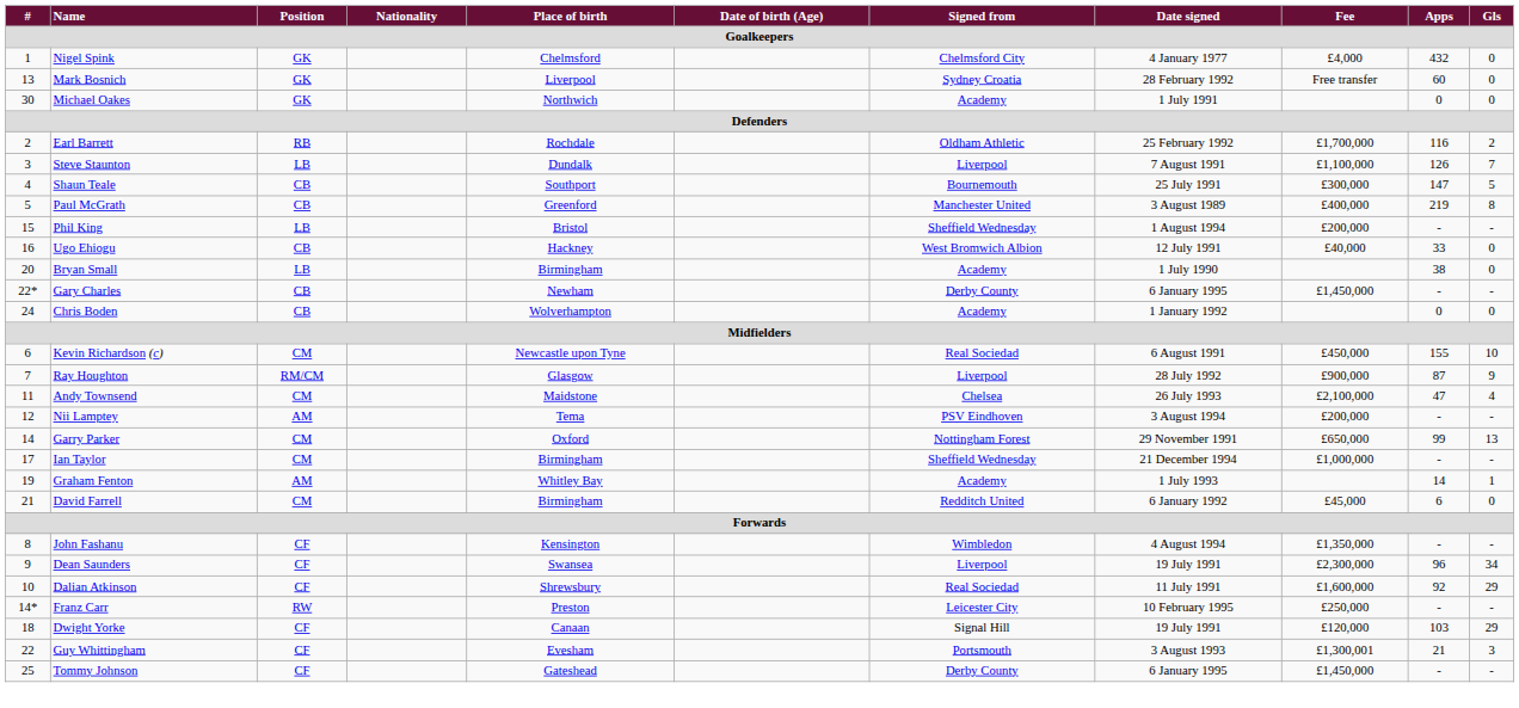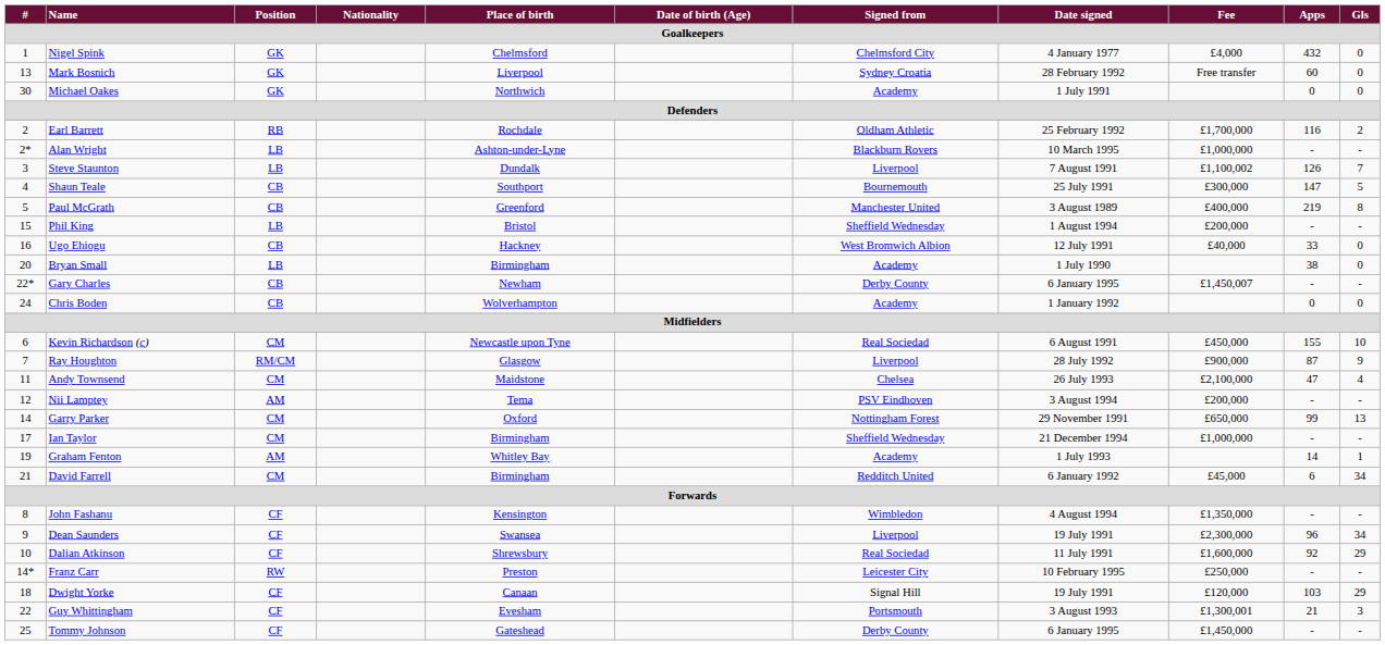 <table class="wikitable" style="text-align:center; font-size:84.5%; width:101%;">
 <tr>
 <th style="background:#670E36; color:#FFFFFF; text-align:center;">#</th>
 <th style="background:#670E36; color:#FFFFFF; text-align:left;">Name</th>
 <th style="background:#670E36; color:#FFFFFF; text-align:center;">Position</th>
 <th style="background:#670E36; color:#FFFFFF; text-align:center;">Nationality</th>
 <th style="background:#670E36; color:#FFFFFF; text-align:center;">Place of birth</th>
 <th style="background:#670E36; color:#FFFFFF; text-align:center;">Date of birth (Age)</th>
 <th style="background:#670E36; color:#FFFFFF; text-align:center;">Signed from</th>
 <th style="background:#670E36; color:#FFFFFF; text-align:center;">Date signed</th>
 <th style="background:#670E36; color:#FFFFFF; text-align:center;">Fee</th>
 <th style="background:#670E36; color:#FFFFFF; text-align:center;">Apps</th>
 <th style="background:#670E36; color:#FFFFFF; text-align:center;">Gls</th>
 </tr>
 <tr>
 <th colspan="11" style="background:#dcdcdc; tepxt-align:center;">Goalkeepers</th>
 </tr>
 <tr>
 <td>1</td>
 <td style="text-align:left;"><a href='#'>Nigel Spink</a></td>
 <td><a href='#'>GK</a></td>
 <td></td>
 <td><a href='#'>Chelmsford</a></td>
 <td></td>
 <td><a href='#'>Chelmsford City</a></td>
 <td>4 January 1977</td>
 <td>£4,000</td>
 <td>432</td>
 <td>0</td>
 </tr>
 <tr>
 <td>13</td>
 <td style="text-align:left;"><a href='#'>Mark Bosnich</a></td>
 <td><a href='#'>GK</a></td>
 <td></td>
 <td><a href='#'>Liverpool</a></td>
 <td></td>
 <td> <a href='#'>Sydney Croatia</a></td>
 <td>28 February 1992</td>
 <td>Free transfer</td>
 <td>60</td>
 <td>0</td>
 </tr>
 <tr>
 <td>30</td>
 <td style="text-align:left;"><a href='#'>Michael Oakes</a></td>
 <td><a href='#'>GK</a></td>
 <td></td>
 <td><a href='#'>Northwich</a></td>
 <td></td>
 <td><a href='#'>Academy</a></td>
 <td>1 July 1991</td>
 <td></td>
 <td>0</td>
 <td>0</td>
 </tr>
 <tr>
 <th colspan="11" style="background:#dcdcdc; tepxt-align:center;">Defenders</th>
 </tr>
 <tr>
 <td>2</td>
 <td style="text-align:left;"><a href='#'>Earl Barrett</a></td>
 <td><a href='#'>RB</a></td>
 <td></td>
 <td><a href='#'>Rochdale</a></td>
 <td></td>
 <td><a href='#'>Oldham Athletic</a></td>
 <td>25 February 1992</td>
 <td>£1,700,000</td>
 <td>116</td>
 <td>2</td>
 </tr>
 <tr>
+<td>2*</td>
+<td style="text-align:left;"><a href='#'>Alan Wright</a></td>
+<td><a href='#'>LB</a></td>
+<td></td>
+<td><a href='#'>Ashton-under-Lyne</a></td>
+<td></td>
+<td><a href='#'>Blackburn Rovers</a></td>
+<td>10 March 1995</td>
+<td>£1,000,000</td>
+<td>-</td>
+<td>-</td>
+</tr>
+<tr>
 <td>3</td>
 <td style="text-align:left;"><a href='#'>Steve Staunton</a></td>
 <td><a href='#'>LB</a></td>
 <td></td>
 <td><a href='#'>Dundalk</a></td>
 <td></td>
 <td><a href='#'>Liverpool</a></td>
 <td>7 August 1991</td>
-<td>£1,100,000</td>
+<td>£1,100,002</td>
 <td>126</td>
 <td>7</td>
 </tr>
 <tr>
 <td>4</td>
 <td style="text-align:left;"><a href='#'>Shaun Teale</a></td>
 <td><a href='#'>CB</a></td>
 <td></td>
 <td><a href='#'>Southport</a></td>
 <td></td>
 <td><a href='#'>Bournemouth</a></td>
 <td>25 July 1991</td>
 <td>£300,000</td>
 <td>147</td>
 <td>5</td>
 </tr>
 <tr>
 <td>5</td>
 <td style="text-align:left;"><a href='#'>Paul McGrath</a></td>
 <td><a href='#'>CB</a></td>
 <td></td>
 <td> <a href='#'>Greenford</a></td>
 <td></td>
 <td><a href='#'>Manchester United</a></td>
 <td>3 August 1989</td>
 <td>£400,000</td>
 <td>219</td>
 <td>8</td>
 </tr>
 <tr>
 <td>15</td>
 <td style="text-align:left;"><a href='#'>Phil King</a></td>
 <td><a href='#'>LB</a></td>
 <td></td>
 <td><a href='#'>Bristol</a></td>
 <td></td>
 <td><a href='#'>Sheffield Wednesday</a></td>
 <td>1 August 1994</td>
 <td>£200,000</td>
 <td>-</td>
 <td>-</td>
 </tr>
 <tr>
 <td>16</td>
 <td style="text-align:left;"><a href='#'>Ugo Ehiogu</a></td>
 <td><a href='#'>CB</a></td>
 <td></td>
 <td><a href='#'>Hackney</a></td>
 <td></td>
 <td><a href='#'>West Bromwich Albion</a></td>
 <td>12 July 1991</td>
 <td>£40,000</td>
 <td>33</td>
 <td>0</td>
 </tr>
 <tr>
 <td>20</td>
 <td style="text-align:left;"><a href='#'>Bryan Small</a></td>
 <td><a href='#'>LB</a></td>
 <td></td>
 <td><a href='#'>Birmingham</a></td>
 <td></td>
 <td><a href='#'>Academy</a></td>
 <td>1 July 1990</td>
 <td></td>
 <td>38</td>
 <td>0</td>
 </tr>
 <tr>
 <td>22*</td>
 <td style="text-align:left;"><a href='#'>Gary Charles</a></td>
 <td><a href='#'>CB</a></td>
 <td></td>
 <td><a href='#'>Newham</a></td>
 <td></td>
 <td><a href='#'>Derby County</a></td>
 <td>6 January 1995</td>
-<td>£1,450,000</td>
+<td>£1,450,007</td>
 <td>-</td>
 <td>-</td>
 </tr>
 <tr>
 <td>24</td>
 <td style="text-align:left;"><a href='#'>Chris Boden</a></td>
 <td><a href='#'>CB</a></td>
 <td></td>
 <td><a href='#'>Wolverhampton</a></td>
 <td></td>
 <td><a href='#'>Academy</a></td>
 <td>1 January 1992</td>
 <td></td>
 <td>0</td>
 <td>0</td>
 </tr>
 <tr>
 <th colspan="11" style="background:#dcdcdc; tepxt-align:center;">Midfielders</th>
 </tr>
 <tr>
 <td>6</td>
 <td style="text-align:left;"><a href='#'>Kevin Richardson</a> <em>(<a href='#'>c</a>)</em></td>
 <td><a href='#'>CM</a></td>
 <td></td>
 <td><a href='#'>Newcastle upon Tyne</a></td>
 <td></td>
 <td> <a href='#'>Real Sociedad</a></td>
 <td>6 August 1991</td>
 <td>£450,000</td>
 <td>155</td>
 <td>10</td>
 </tr>
 <tr>
 <td>7</td>
 <td style="text-align:left;"><a href='#'>Ray Houghton</a></td>
 <td><a href='#'>RM/CM</a></td>
 <td></td>
 <td> <a href='#'>Glasgow</a></td>
 <td></td>
 <td><a href='#'>Liverpool</a></td>
 <td>28 July 1992</td>
 <td>£900,000</td>
 <td>87</td>
 <td>9</td>
 </tr>
 <tr>
 <td>11</td>
 <td style="text-align:left;"><a href='#'>Andy Townsend</a></td>
 <td><a href='#'>CM</a></td>
 <td></td>
 <td> <a href='#'>Maidstone</a></td>
 <td></td>
 <td><a href='#'>Chelsea</a></td>
 <td>26 July 1993</td>
 <td>£2,100,000</td>
 <td>47</td>
 <td>4</td>
 </tr>
 <tr>
 <td>12</td>
 <td style="text-align:left;"><a href='#'>Nii Lamptey</a></td>
 <td><a href='#'>AM</a></td>
 <td></td>
 <td><a href='#'>Tema</a></td>
 <td></td>
 <td> <a href='#'>PSV Eindhoven</a></td>
 <td>3 August 1994</td>
 <td>£200,000</td>
 <td>-</td>
 <td>-</td>
 </tr>
 <tr>
 <td>14</td>
 <td style="text-align:left;"><a href='#'>Garry Parker</a></td>
 <td><a href='#'>CM</a></td>
 <td></td>
 <td><a href='#'>Oxford</a></td>
 <td></td>
 <td><a href='#'>Nottingham Forest</a></td>
 <td>29 November 1991</td>
 <td>£650,000</td>
 <td>99</td>
 <td>13</td>
 </tr>
 <tr>
 <td>17</td>
 <td style="text-align:left;"><a href='#'>Ian Taylor</a></td>
 <td><a href='#'>CM</a></td>
 <td></td>
 <td><a href='#'>Birmingham</a></td>
 <td></td>
 <td><a href='#'>Sheffield Wednesday</a></td>
 <td>21 December 1994</td>
 <td>£1,000,000</td>
 <td>-</td>
 <td>-</td>
 </tr>
 <tr>
 <td>19</td>
 <td style="text-align:left;"><a href='#'>Graham Fenton</a></td>
 <td><a href='#'>AM</a></td>
 <td></td>
 <td><a href='#'>Whitley Bay</a></td>
 <td></td>
 <td><a href='#'>Academy</a></td>
 <td>1 July 1993</td>
 <td></td>
 <td>14</td>
 <td>1</td>
 </tr>
 <tr>
 <td>21</td>
 <td style="text-align:left;"><a href='#'>David Farrell</a></td>
 <td><a href='#'>CM</a></td>
 <td></td>
 <td><a href='#'>Birmingham</a></td>
 <td></td>
 <td><a href='#'>Redditch United</a></td>
 <td>6 January 1992</td>
 <td>£45,000</td>
 <td>6</td>
-<td>0</td>
+<td>34</td>
 </tr>
 <tr>
 <th colspan="11" style="background:#dcdcdc; tepxt-align:center;">Forwards</th>
 </tr>
 <tr>
 <td>8</td>
 <td style="text-align:left;"><a href='#'>John Fashanu</a></td>
 <td><a href='#'>CF</a></td>
 <td></td>
 <td><a href='#'>Kensington</a></td>
 <td></td>
 <td><a href='#'>Wimbledon</a></td>
 <td>4 August 1994</td>
 <td>£1,350,000</td>
 <td>-</td>
 <td>-</td>
 </tr>
 <tr>
 <td>9</td>
 <td style="text-align:left;"><a href='#'>Dean Saunders</a></td>
 <td><a href='#'>CF</a></td>
 <td></td>
 <td><a href='#'>Swansea</a></td>
 <td></td>
 <td><a href='#'>Liverpool</a></td>
 <td>19 July 1991</td>
 <td>£2,300,000</td>
 <td>96</td>
 <td>34</td>
 </tr>
 <tr>
 <td>10</td>
 <td style="text-align:left;"><a href='#'>Dalian Atkinson</a></td>
 <td><a href='#'>CF</a></td>
 <td></td>
 <td><a href='#'>Shrewsbury</a></td>
 <td></td>
 <td> <a href='#'>Real Sociedad</a></td>
 <td>11 July 1991</td>
 <td>£1,600,000</td>
 <td>92</td>
 <td>29</td>
 </tr>
 <tr>
 <td>14*</td>
 <td style="text-align:left;"><a href='#'>Franz Carr</a></td>
 <td><a href='#'>RW</a></td>
 <td></td>
 <td><a href='#'>Preston</a></td>
 <td></td>
 <td><a href='#'>Leicester City</a></td>
 <td>10 February 1995</td>
 <td>£250,000</td>
 <td>-</td>
 <td>-</td>
 </tr>
 <tr>
 <td>18</td>
 <td style="text-align:left;"><a href='#'>Dwight Yorke</a></td>
 <td><a href='#'>CF</a></td>
 <td></td>
 <td><a href='#'>Canaan</a></td>
 <td></td>
 <td> Signal Hill</td>
 <td>19 July 1991</td>
 <td>£120,000</td>
 <td>103</td>
 <td>29</td>
 </tr>
 <tr>
 <td>22</td>
 <td style="text-align:left;"><a href='#'>Guy Whittingham</a></td>
 <td><a href='#'>CF</a></td>
 <td></td>
 <td><a href='#'>Evesham</a></td>
 <td></td>
 <td><a href='#'>Portsmouth</a></td>
 <td>3 August 1993</td>
 <td>£1,300,001</td>
 <td>21</td>
 <td>3</td>
 </tr>
 <tr>
 <td>25</td>
 <td style="text-align:left;"><a href='#'>Tommy Johnson</a></td>
 <td><a href='#'>CF</a></td>
 <td></td>
 <td><a href='#'>Gateshead</a></td>
 <td></td>
 <td><a href='#'>Derby County</a></td>
 <td>6 January 1995</td>
 <td>£1,450,000</td>
 <td>-</td>
 <td>-</td>
 </tr>
 </table>
